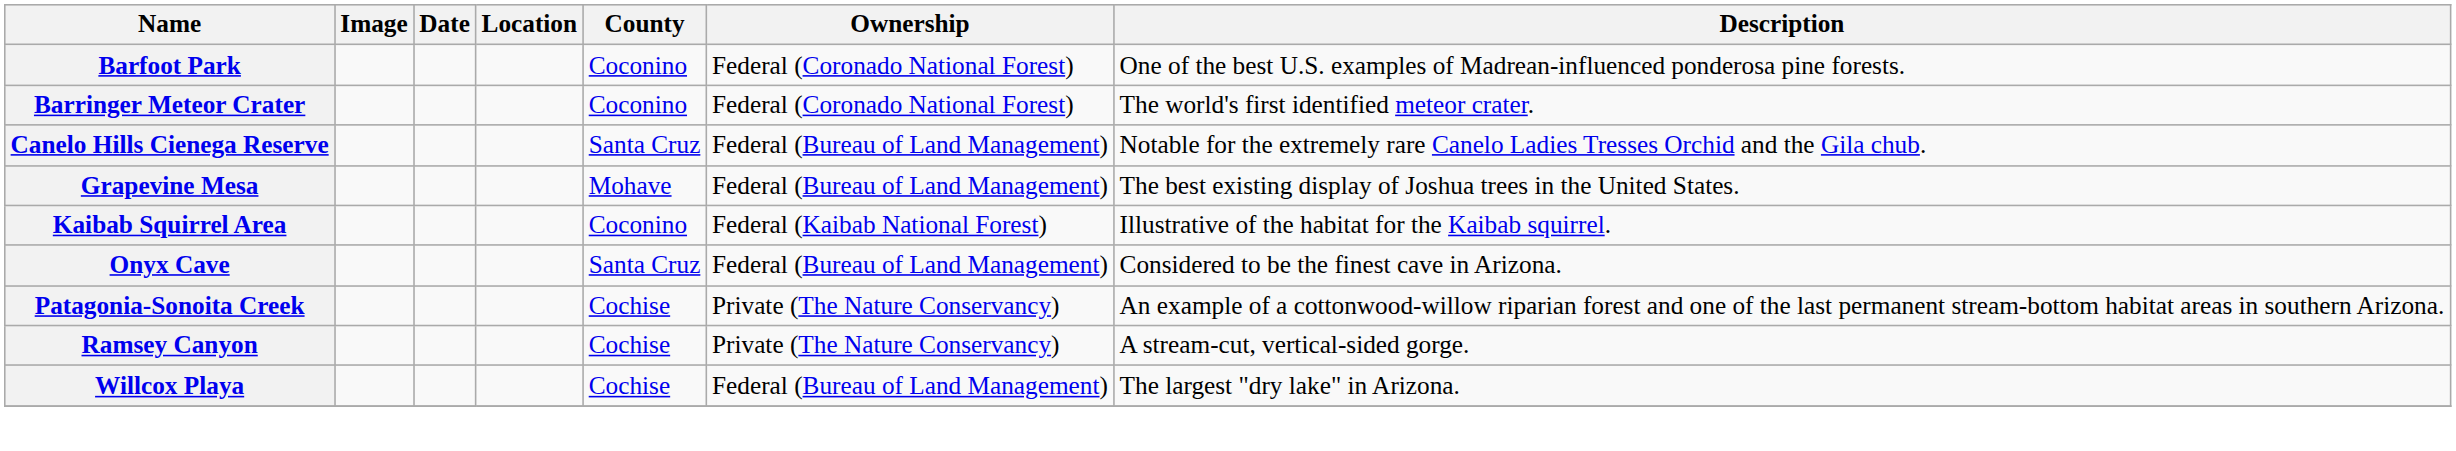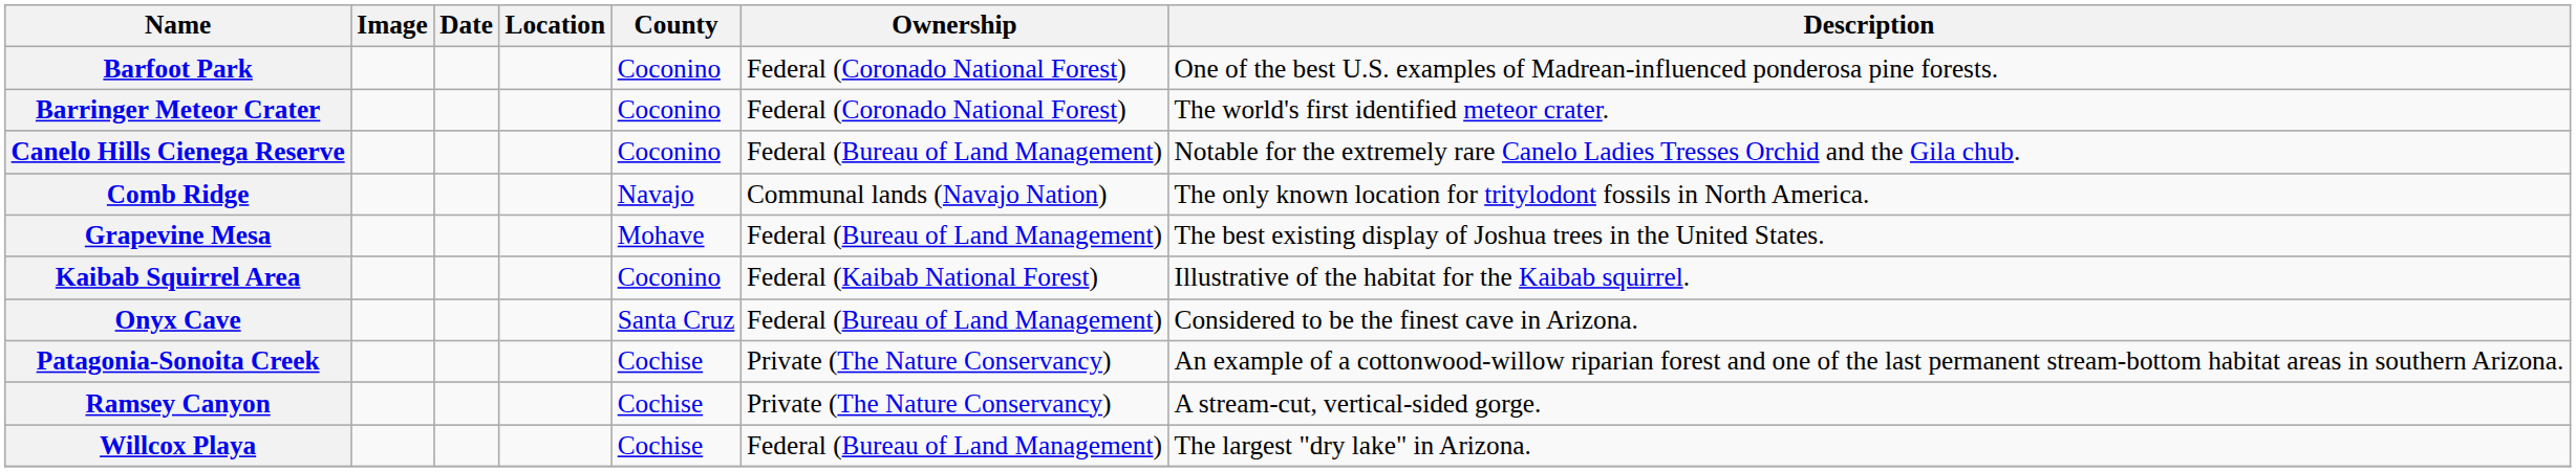 <table class="wikitable sortable" align="center">
 <tr>
 <th style="background-color:">Name</th>
 <th style="background-color:">Image</th>
 <th style="background-color:">Date</th>
 <th style="background-color:">Location</th>
 <th style="background-color:">County</th>
 <th style="background-color:">Ownership</th>
 <th style="background-color:">Description</th>
 </tr>
 <tr>
 <th><a href='#'>Barfoot Park</a></th>
 <td></td>
 <td></td>
 <td></td>
 <td><a href='#'>Coconino</a></td>
 <td>Federal (<a href='#'>Coronado National Forest</a>)</td>
 <td>One of the best U.S. examples of Madrean-influenced ponderosa pine forests.</td>
 </tr>
 <tr>
 <th><a href='#'>Barringer Meteor Crater</a></th>
 <td></td>
 <td></td>
 <td></td>
 <td><a href='#'>Coconino</a></td>
 <td>Federal (<a href='#'>Coronado National Forest</a>)</td>
 <td>The world's first identified <a href='#'>meteor crater</a>.</td>
 </tr>
 <tr>
 <th><a href='#'>Canelo Hills Cienega Reserve</a></th>
 <td></td>
 <td></td>
 <td></td>
-<td><a href='#'>Santa Cruz</a></td>
+<td><a href='#'>Coconino</a></td>
 <td>Federal (<a href='#'>Bureau of Land Management</a>)</td>
 <td>Notable for the extremely rare <a href='#'>Canelo Ladies Tresses Orchid</a> and the <a href='#'>Gila chub</a>.</td>
+</tr>
+<tr>
+<th><a href='#'>Comb Ridge</a></th>
+<td></td>
+<td></td>
+<td></td>
+<td><a href='#'>Navajo</a></td>
+<td>Communal lands (<a href='#'>Navajo Nation</a>)</td>
+<td>The only known location for <a href='#'>tritylodont</a> fossils in North America.</td>
 </tr>
 <tr>
 <th><a href='#'>Grapevine Mesa</a></th>
 <td></td>
 <td></td>
 <td></td>
 <td><a href='#'>Mohave</a></td>
 <td>Federal (<a href='#'>Bureau of Land Management</a>)</td>
 <td>The best existing display of Joshua trees in the United States.</td>
 </tr>
 <tr>
 <th><a href='#'>Kaibab Squirrel Area</a></th>
 <td></td>
 <td></td>
 <td></td>
 <td><a href='#'>Coconino</a></td>
 <td>Federal (<a href='#'>Kaibab National Forest</a>)</td>
 <td>Illustrative of the habitat for the <a href='#'>Kaibab squirrel</a>.</td>
 </tr>
 <tr>
 <th><a href='#'>Onyx Cave</a></th>
 <td></td>
 <td></td>
 <td></td>
 <td><a href='#'>Santa Cruz</a></td>
 <td>Federal (<a href='#'>Bureau of Land Management</a>)</td>
 <td>Considered to be the finest cave in Arizona.</td>
 </tr>
 <tr>
 <th><a href='#'>Patagonia-Sonoita Creek</a></th>
 <td></td>
 <td></td>
 <td></td>
 <td><a href='#'>Cochise</a></td>
 <td>Private (<a href='#'>The Nature Conservancy</a>)</td>
 <td>An example of a cottonwood-willow riparian forest and one of the last permanent stream-bottom habitat areas in southern Arizona.</td>
 </tr>
 <tr>
 <th><a href='#'>Ramsey Canyon</a></th>
 <td></td>
 <td></td>
 <td></td>
 <td><a href='#'>Cochise</a></td>
 <td>Private (<a href='#'>The Nature Conservancy</a>)</td>
 <td>A stream-cut, vertical-sided gorge.</td>
 </tr>
 <tr>
 <th><a href='#'>Willcox Playa</a></th>
 <td></td>
 <td></td>
 <td></td>
 <td><a href='#'>Cochise</a></td>
 <td>Federal (<a href='#'>Bureau of Land Management</a>)</td>
 <td>The largest "dry lake" in Arizona.</td>
 </tr>
 <tr>
 </tr>
 </table>
